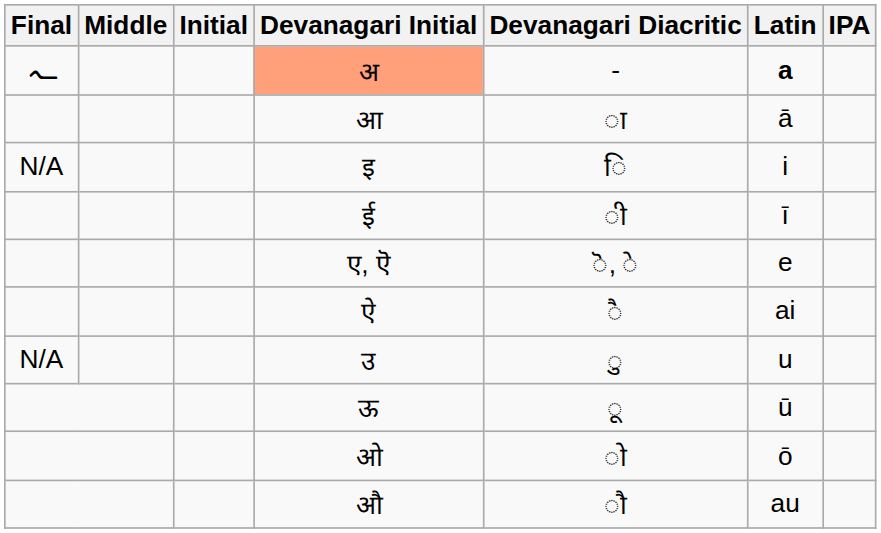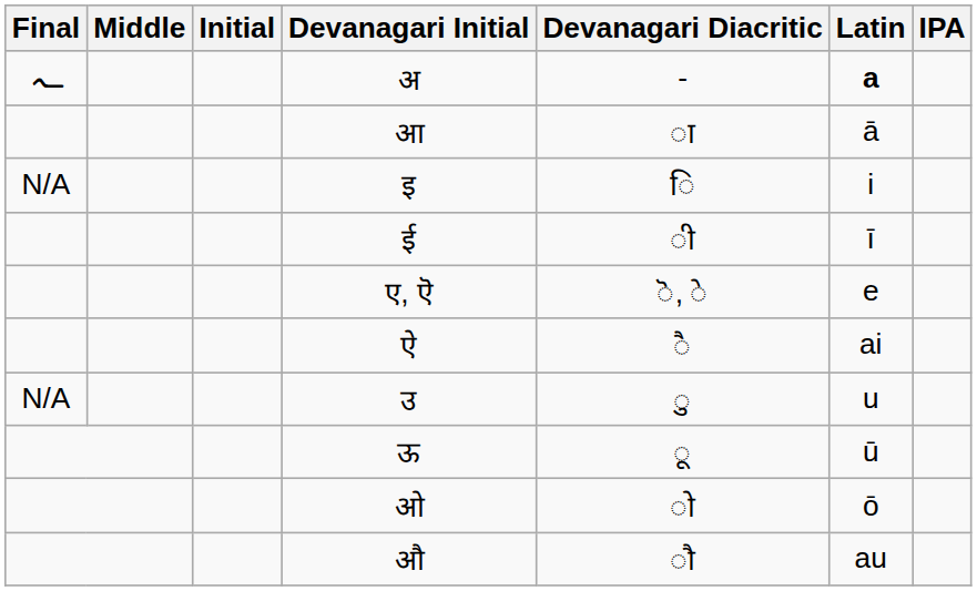 <table class="wikitable" style="text-align: center;">
 <tr>
 <th colspan="2">Final</th>
 <th>Middle</th>
 <th>Initial</th>
 <th>Devanagari Initial</th>
 <th>Devanagari Diacritic</th>
 <th>Latin</th>
 <th>IPA</th>
 </tr>
 <tr>
 <td colspan="2">ـہ</td>
 <td style="font-size: 150%"></td>
 <td style="font-size: 150%"></td>
-<td style="background: lightsalmon;">अ</td>
+<td>अ</td>
 <td>-</td>
 <td><strong>a</strong></td>
 <td></td>
 </tr>
 <tr>
 <td style="font-size: 150%"></td>
 <td colspan="2"></td>
 <td style="font-size: 150%"></td>
 <td>आ</td>
 <td>ा</td>
 <td>ā</td>
 <td></td>
 </tr>
 <tr>
 <td colspan="2">N/A</td>
 <td style="font-size: 150%"></td>
 <td style="font-size: 150%"></td>
 <td>इ</td>
 <td>ि</td>
 <td>i</td>
 <td></td>
 </tr>
 <tr>
 <td colspan="2" style="font-size: 150%"></td>
 <td style="font-size: 150%"></td>
 <td style="font-size: 150%"></td>
 <td>ई</td>
 <td>ी</td>
 <td>ī</td>
 <td></td>
 </tr>
 <tr>
 <td colspan="2" style="font-size: 150%"></td>
 <td style="font-size: 150%"></td>
 <td style="font-size: 150%"></td>
 <td>ए, ऎ</td>
 <td>ॆ, े</td>
 <td>e</td>
 <td></td>
 </tr>
 <tr>
 <td colspan="2" style="font-size: 150%"></td>
 <td style="font-size: 150%"></td>
 <td style="font-size: 150%"></td>
 <td>ऐ</td>
 <td>ै</td>
 <td>ai</td>
 <td></td>
 </tr>
 <tr>
 <td colspan="2">N/A</td>
 <td style="font-size: 150%"></td>
 <td style="font-size: 150%"></td>
 <td>उ</td>
 <td>ु</td>
 <td>u</td>
 <td></td>
 </tr>
 <tr>
 <td colspan="3" style="font-size: 150%"></td>
 <td style="font-size: 150%"></td>
 <td>ऊ</td>
 <td>ू</td>
 <td>ū</td>
 <td></td>
 </tr>
 <tr>
 <td colspan="3" style="font-size: 150%"></td>
 <td style="font-size: 150%"></td>
 <td>ओ</td>
 <td>ो</td>
 <td>ō</td>
 <td></td>
 </tr>
 <tr>
 <td colspan="3" style="font-size: 150%"></td>
 <td style="font-size: 150%"></td>
 <td>औ</td>
 <td>ौ</td>
 <td>au</td>
 <td></td>
 </tr>
 </table>
